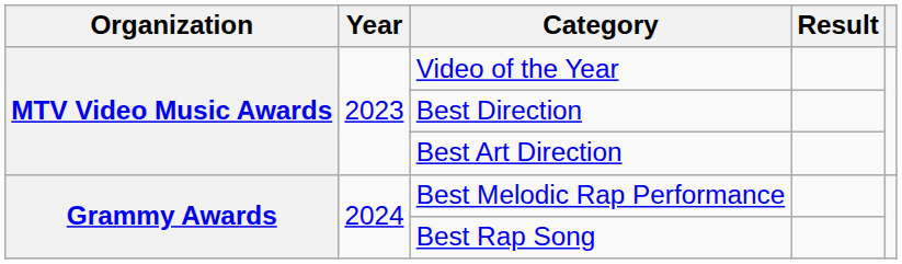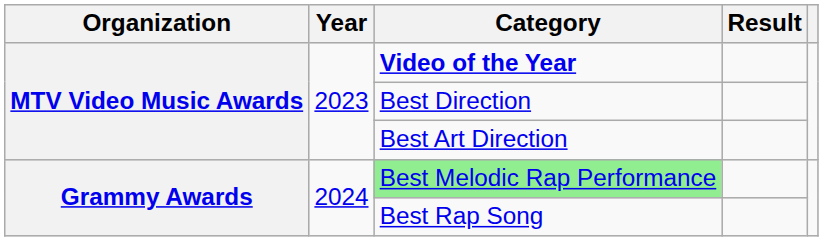 <table class="wikitable sortable plainrowheaders" style="border:none; margin:0;">
 <tr>
 <th scope="col">Organization</th>
 <th scope="col">Year</th>
 <th scope="col">Category</th>
 <th scope="col">Result</th>
 <th class="unsortable" scope="col"></th>
 </tr>
 <tr>
 <th rowspan="3" scope="row"><a href='#'>MTV Video Music Awards</a></th>
 <td rowspan="3"><a href='#'>2023</a></td>
-<td><a href='#'>Video of the Year</a></td>
+<td><strong><a href='#'>Video of the Year</a></strong></td>
 <td></td>
 <td rowspan="3"></td>
 </tr>
 <tr>
 <td><a href='#'>Best Direction</a></td>
 <td></td>
 </tr>
 <tr>
 <td><a href='#'>Best Art Direction</a></td>
 <td></td>
 </tr>
 <tr>
 <th rowspan="2" scope="row"><a href='#'>Grammy Awards</a></th>
 <td rowspan="2"><a href='#'>2024</a></td>
-<td><a href='#'>Best Melodic Rap Performance</a></td>
+<td style="background: lightgreen;"><a href='#'>Best Melodic Rap Performance</a></td>
 <td></td>
 <td rowspan="2"></td>
 </tr>
 <tr>
 <td><a href='#'>Best Rap Song</a></td>
 <td></td>
 </tr>
 </table>
